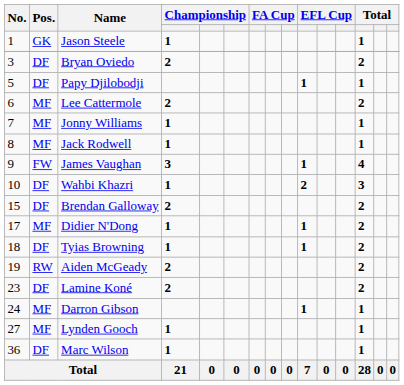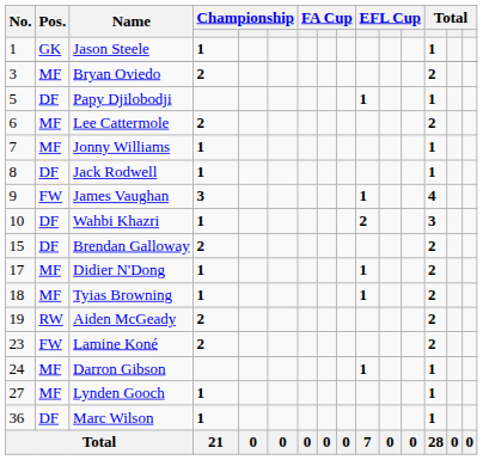 <table class="wikitable sortable" style="90% text-align: center">
 <tr>
 <th rowspan="2">No.</th>
 <th rowspan="2">Pos.</th>
 <th rowspan="2">Name</th>
 <th colspan="3"><a href='#'>Championship</a></th>
 <th colspan="3"><a href='#'>FA Cup</a></th>
 <th colspan="3"><a href='#'>EFL Cup</a></th>
 <th colspan="3">Total</th>
 </tr>
 <tr>
 <th></th>
 <th></th>
 <th></th>
 <th></th>
 <th></th>
 <th></th>
 <th></th>
 <th></th>
 <th></th>
 <th></th>
 <th></th>
 <th></th>
 </tr>
 <tr>
 <td>1</td>
 <td><a href='#'>GK</a></td>
 <td><a href='#'>Jason Steele</a></td>
 <td><strong>1</strong></td>
 <td><strong></strong></td>
 <td><strong></strong></td>
 <td><strong></strong></td>
 <td><strong></strong></td>
 <td><strong></strong></td>
 <td><strong></strong></td>
 <td><strong></strong></td>
 <td><strong></strong></td>
 <td><strong>1</strong></td>
 <td><strong></strong></td>
 <td><strong> </strong></td>
 </tr>
 <tr>
 </tr>
 <tr>
 <td>3</td>
-<td><a href='#'>DF</a></td>
+<td><a href='#'>MF</a></td>
 <td><a href='#'>Bryan Oviedo</a></td>
 <td><strong>2</strong></td>
 <td><strong></strong></td>
 <td><strong></strong></td>
 <td><strong></strong></td>
 <td><strong></strong></td>
 <td><strong></strong></td>
 <td><strong></strong></td>
 <td><strong></strong></td>
 <td><strong></strong></td>
 <td><strong>2</strong></td>
 <td><strong></strong></td>
 <td><strong> </strong></td>
 </tr>
 <tr>
 <td>5</td>
 <td><a href='#'>DF</a></td>
 <td><a href='#'>Papy Djilobodji</a></td>
 <td><strong></strong></td>
 <td><strong></strong></td>
 <td><strong></strong></td>
 <td><strong></strong></td>
 <td><strong></strong></td>
 <td><strong></strong></td>
 <td><strong>1</strong></td>
 <td><strong></strong></td>
 <td><strong></strong></td>
 <td><strong>1</strong></td>
 <td><strong></strong></td>
 <td><strong> </strong></td>
 </tr>
 <tr>
 <td>6</td>
 <td><a href='#'>MF</a></td>
 <td><a href='#'>Lee Cattermole</a></td>
 <td><strong>2</strong></td>
 <td><strong></strong></td>
 <td><strong></strong></td>
 <td><strong></strong></td>
 <td><strong></strong></td>
 <td><strong></strong></td>
 <td><strong></strong></td>
 <td><strong></strong></td>
 <td><strong></strong></td>
 <td><strong>2</strong></td>
 <td><strong></strong></td>
 <td><strong> </strong></td>
 </tr>
 <tr>
 <td>7</td>
 <td><a href='#'>MF</a></td>
 <td><a href='#'>Jonny Williams</a></td>
 <td><strong>1</strong></td>
 <td><strong></strong></td>
 <td><strong></strong></td>
 <td><strong></strong></td>
 <td><strong></strong></td>
 <td><strong></strong></td>
 <td><strong></strong></td>
 <td><strong></strong></td>
 <td><strong></strong></td>
 <td><strong>1</strong></td>
 <td><strong></strong></td>
 <td><strong> </strong></td>
 </tr>
 <tr>
 <td>8</td>
-<td><a href='#'>MF</a></td>
+<td><a href='#'>DF</a></td>
 <td><a href='#'>Jack Rodwell</a></td>
 <td><strong>1</strong></td>
 <td><strong></strong></td>
 <td><strong></strong></td>
 <td><strong></strong></td>
 <td><strong></strong></td>
 <td><strong></strong></td>
 <td><strong></strong></td>
 <td><strong></strong></td>
 <td><strong></strong></td>
 <td><strong>1</strong></td>
 <td><strong></strong></td>
 <td><strong> </strong></td>
 </tr>
 <tr>
 <td>9</td>
 <td><a href='#'>FW</a></td>
 <td><a href='#'>James Vaughan</a></td>
 <td><strong>3</strong></td>
 <td><strong></strong></td>
 <td><strong></strong></td>
 <td><strong></strong></td>
 <td><strong></strong></td>
 <td><strong></strong></td>
 <td><strong>1</strong></td>
 <td><strong></strong></td>
 <td><strong></strong></td>
 <td><strong>4</strong></td>
 <td><strong></strong></td>
 <td><strong> </strong></td>
 </tr>
 <tr>
 <td>10</td>
 <td><a href='#'>DF</a></td>
 <td><a href='#'>Wahbi Khazri</a></td>
 <td><strong>1</strong></td>
 <td><strong></strong></td>
 <td><strong></strong></td>
 <td><strong></strong></td>
 <td><strong></strong></td>
 <td><strong></strong></td>
 <td><strong>2</strong></td>
 <td><strong></strong></td>
 <td><strong></strong></td>
 <td><strong>3</strong></td>
 <td><strong></strong></td>
 <td><strong> </strong></td>
 </tr>
 <tr>
 <td>15</td>
 <td><a href='#'>DF</a></td>
 <td><a href='#'>Brendan Galloway</a></td>
 <td><strong>2</strong></td>
 <td><strong></strong></td>
 <td><strong></strong></td>
 <td><strong></strong></td>
 <td><strong></strong></td>
 <td><strong></strong></td>
 <td><strong></strong></td>
 <td><strong></strong></td>
 <td><strong></strong></td>
 <td><strong>2</strong></td>
 <td><strong></strong></td>
 <td><strong> </strong></td>
 </tr>
 <tr>
 <td>17</td>
 <td><a href='#'>MF</a></td>
 <td><a href='#'>Didier N'Dong</a></td>
 <td><strong>1</strong></td>
 <td><strong></strong></td>
 <td><strong></strong></td>
 <td><strong></strong></td>
 <td><strong></strong></td>
 <td><strong></strong></td>
 <td><strong>1</strong></td>
 <td><strong></strong></td>
 <td><strong></strong></td>
 <td><strong>2</strong></td>
 <td><strong></strong></td>
 <td><strong> </strong></td>
 </tr>
 <tr>
 <td>18</td>
-<td><a href='#'>DF</a></td>
+<td><a href='#'>MF</a></td>
 <td><a href='#'>Tyias Browning</a></td>
 <td><strong>1</strong></td>
 <td><strong></strong></td>
 <td><strong></strong></td>
 <td><strong></strong></td>
 <td><strong></strong></td>
 <td><strong></strong></td>
 <td><strong>1</strong></td>
 <td><strong></strong></td>
 <td><strong></strong></td>
 <td><strong>2</strong></td>
 <td><strong></strong></td>
 <td><strong> </strong></td>
 </tr>
 <tr>
 <td>19</td>
 <td><a href='#'>RW</a></td>
 <td><a href='#'>Aiden McGeady</a></td>
 <td><strong>2</strong></td>
 <td><strong></strong></td>
 <td><strong></strong></td>
 <td><strong></strong></td>
 <td><strong></strong></td>
 <td><strong></strong></td>
 <td><strong></strong></td>
 <td><strong></strong></td>
 <td><strong></strong></td>
 <td><strong>2</strong></td>
 <td><strong></strong></td>
 <td><strong> </strong></td>
 </tr>
 <tr>
 <td>23</td>
-<td><a href='#'>DF</a></td>
+<td><a href='#'>FW</a></td>
 <td><a href='#'>Lamine Koné</a></td>
 <td><strong>2</strong></td>
 <td><strong></strong></td>
 <td><strong></strong></td>
 <td><strong></strong></td>
 <td><strong></strong></td>
 <td><strong></strong></td>
 <td><strong></strong></td>
 <td><strong></strong></td>
 <td><strong></strong></td>
 <td><strong>2</strong></td>
 <td><strong></strong></td>
 <td><strong> </strong></td>
 </tr>
 <tr>
 <td>24</td>
 <td><a href='#'>MF</a></td>
 <td><a href='#'>Darron Gibson</a></td>
 <td><strong></strong></td>
 <td><strong></strong></td>
 <td><strong></strong></td>
 <td><strong></strong></td>
 <td><strong></strong></td>
 <td><strong></strong></td>
 <td><strong>1</strong></td>
 <td><strong></strong></td>
 <td><strong></strong></td>
 <td><strong>1</strong></td>
 <td><strong></strong></td>
 <td><strong> </strong></td>
 </tr>
 <tr>
 <td>27</td>
 <td><a href='#'>MF</a></td>
 <td><a href='#'>Lynden Gooch</a></td>
 <td><strong>1</strong></td>
 <td><strong></strong></td>
 <td><strong></strong></td>
 <td><strong></strong></td>
 <td><strong></strong></td>
 <td><strong></strong></td>
 <td><strong></strong></td>
 <td><strong></strong></td>
 <td><strong></strong></td>
 <td><strong>1</strong></td>
 <td><strong></strong></td>
 <td><strong> </strong></td>
 </tr>
 <tr>
 <td>36</td>
 <td><a href='#'>DF</a></td>
 <td><a href='#'>Marc Wilson</a></td>
 <td><strong>1</strong></td>
 <td><strong></strong></td>
 <td><strong></strong></td>
 <td><strong></strong></td>
 <td><strong></strong></td>
 <td><strong></strong></td>
 <td><strong></strong></td>
 <td><strong></strong></td>
 <td><strong></strong></td>
 <td><strong>1</strong></td>
 <td><strong></strong></td>
 <td><strong> </strong></td>
 </tr>
 <tr>
 <th colspan=3>Total</th>
 <th>21</th>
 <th>0</th>
 <th>0</th>
 <th>0</th>
 <th>0</th>
 <th>0</th>
 <th>7</th>
 <th>0</th>
 <th>0</th>
 <th>28</th>
 <th>0</th>
 <th>0</th>
 </tr>
 </table>
